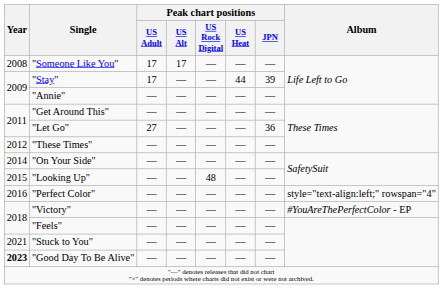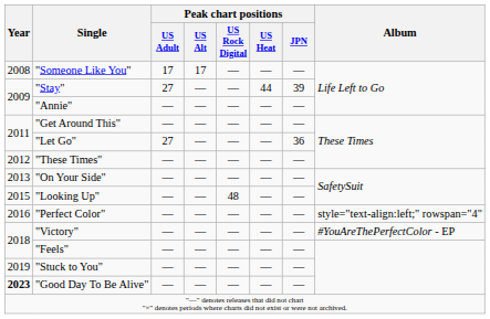 <table class="wikitable" style="text-align:center;">
 <tr>
 <th rowspan="2">Year</th>
 <th rowspan="2">Single</th>
 <th colspan="5">Peak chart positions</th>
 <th rowspan="2">Album</th>
 </tr>
 <tr style="font-size:smaller;">
 <th style="width:40px;"><a href='#'>US<br>Adult</a></th>
 <th style="width:40px;"><a href='#'>US<br>Alt</a></th>
 <th style="width:40px;"><a href='#'>US<br>Rock<br>Digital</a></th>
 <th style="width:40px;"><a href='#'>US<br>Heat</a></th>
 <th style="width:40px;"><a href='#'>JPN</a></th>
 </tr>
 <tr>
 <td>2008</td>
 <td style="text-align:left;">"<a href='#'>Someone Like You</a>"</td>
 <td>17</td>
 <td>17</td>
 <td>—</td>
 <td>—</td>
 <td>—</td>
 <td style="text-align:left;" rowspan="3"><em>Life Left to Go</em></td>
 </tr>
 <tr>
 <td rowspan="2">2009</td>
 <td style="text-align:left;">"<a href='#'>Stay</a>"</td>
-<td>17</td>
+<td>27</td>
 <td>—</td>
 <td>—</td>
 <td>44</td>
 <td>39</td>
 </tr>
 <tr>
 <td style="text-align:left;">"Annie"</td>
 <td>—</td>
 <td>—</td>
 <td>—</td>
 <td>—</td>
 <td>—</td>
 </tr>
 <tr>
 <td rowspan="2">2011</td>
 <td style="text-align:left;">"Get Around This"</td>
 <td>—</td>
 <td>—</td>
 <td>—</td>
 <td>—</td>
 <td>—</td>
 <td style="text-align:left;" rowspan="3"><em>These Times</em></td>
 </tr>
 <tr>
 <td style="text-align:left;">"Let Go"</td>
 <td>27</td>
 <td>—</td>
 <td>—</td>
 <td>—</td>
 <td>36</td>
 </tr>
 <tr>
 <td rowspan="1">2012</td>
 <td style="text-align:left;">"These Times"</td>
 <td>—</td>
 <td>—</td>
 <td>—</td>
 <td>—</td>
 <td>—</td>
 </tr>
 <tr>
-<td rowspan="1">2014</td>
+<td rowspan="1">2013</td>
 <td style="text-align:left;">"On Your Side"</td>
 <td>—</td>
 <td>—</td>
 <td>—</td>
 <td>—</td>
 <td>—</td>
 <td style="text-align:left;" rowspan="2"><em>SafetySuit</em></td>
 </tr>
 <tr>
 <td>2015</td>
 <td style="text-align:left;">"Looking Up"</td>
 <td>—</td>
 <td>—</td>
 <td>48</td>
 <td>—</td>
 <td>—</td>
 </tr>
 <tr>
 <td>2016</td>
 <td style="text-align:left;">"Perfect Color"</td>
 <td>—</td>
 <td>—</td>
 <td>—</td>
 <td>—</td>
 <td>—</td>
 <td>style="text-align:left;" rowspan="4" </td>
 </tr>
 <tr>
 <td rowspan="2">2018</td>
 <td style="text-align:left;">"Victory"</td>
 <td>—</td>
 <td>—</td>
 <td>—</td>
 <td>—</td>
 <td>—</td>
 <td style="text-align:left;" rowspan="1"><em>#YouAreThePerfectColor</em> - EP</td>
 </tr>
 <tr>
 <td style="text-align:left;">"Feels"</td>
 <td>—</td>
 <td>—</td>
 <td>—</td>
 <td>—</td>
 <td>—</td>
 </tr>
 <tr>
-<td>2021</td>
+<td>2019</td>
 <td style="text-align:left;">"Stuck to You"</td>
 <td>—</td>
 <td>—</td>
 <td>—</td>
 <td>—</td>
 <td>—</td>
 </tr>
 <tr>
 <td><strong>2023</strong></td>
 <td style="text-align:left;">"Good Day To Be Alive"</td>
 <td>—</td>
 <td>—</td>
 <td>—</td>
 <td>—</td>
 <td>—</td>
 </tr>
 <tr>
 <td colspan="10" style="font-size:8pt">"—" denotes releases that did not chart <br> "×" denotes periods where charts did not exist or were not archived.</td>
 </tr>
 </table>
